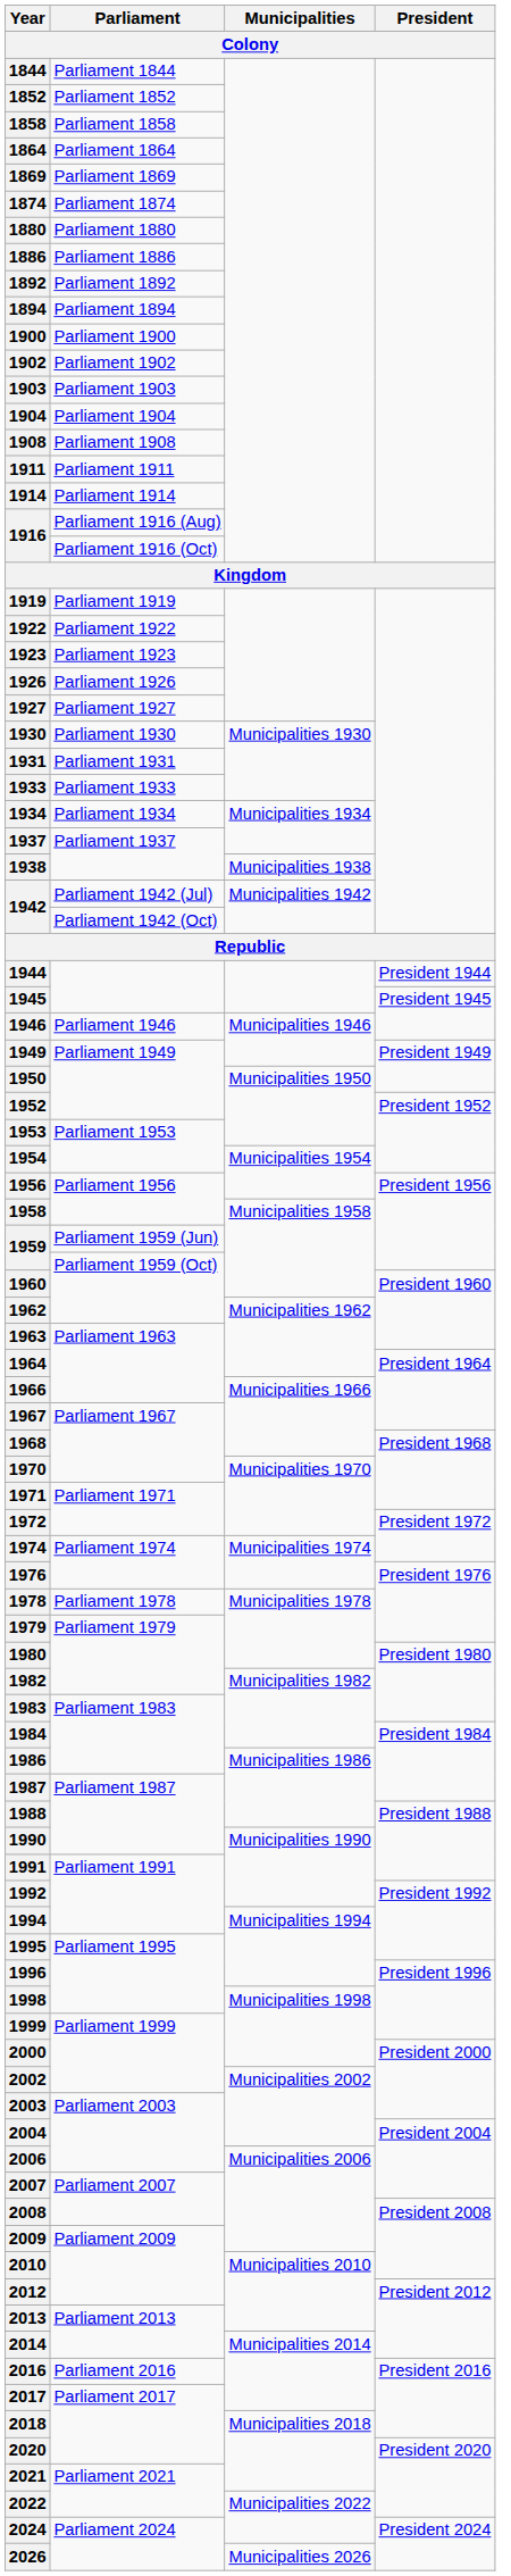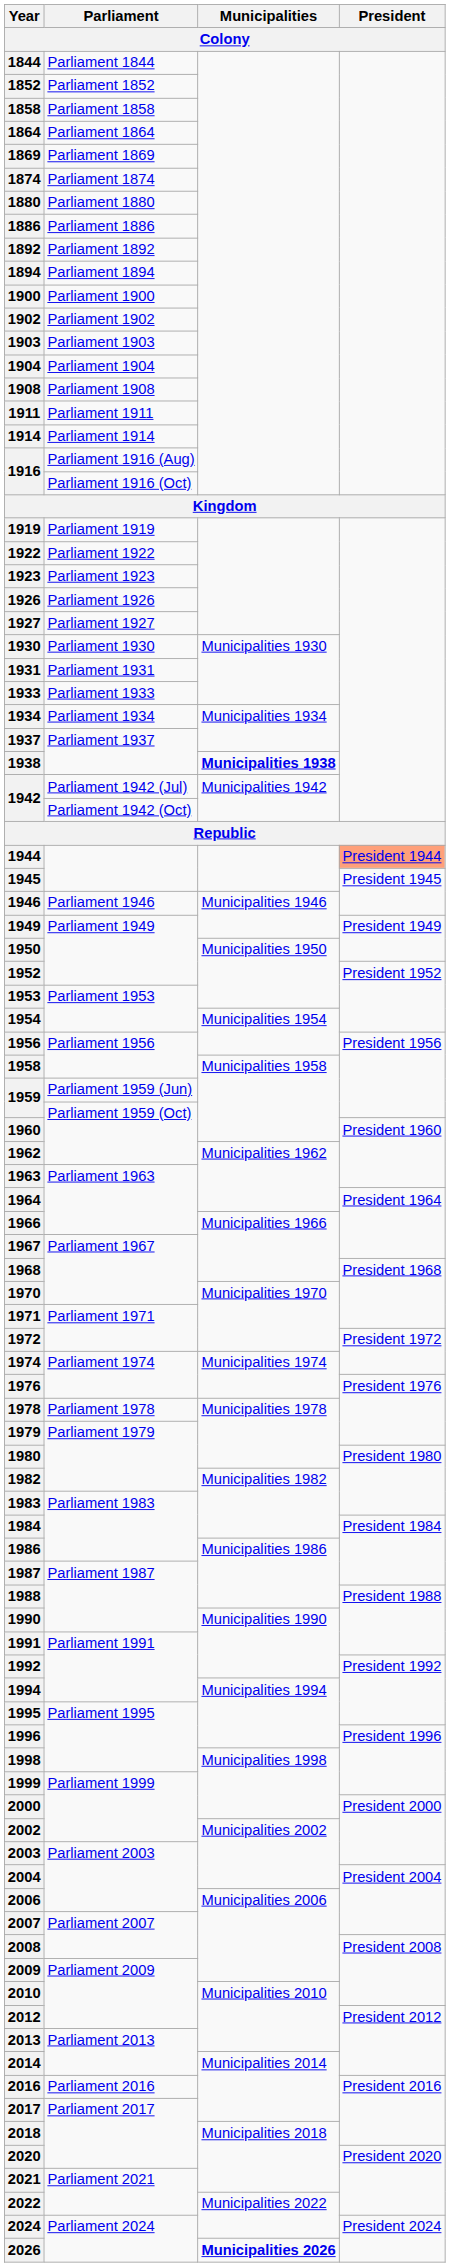 <table class="wikitable">
 <tr>
 <th>Year</th>
 <th>Parliament</th>
 <th>Municipalities</th>
 <th>President</th>
 </tr>
 <tr>
 <th colspan="4"><a href='#'>Colony</a></th>
 </tr>
 <tr>
 <th>1844</th>
 <td><a href='#'>Parliament 1844</a></td>
 <td rowspan="19"></td>
 <td rowspan="19"></td>
 </tr>
 <tr>
 <th>1852</th>
 <td><a href='#'>Parliament 1852</a></td>
 </tr>
 <tr>
 <th>1858</th>
 <td><a href='#'>Parliament 1858</a></td>
 </tr>
 <tr>
 <th>1864</th>
 <td><a href='#'>Parliament 1864</a></td>
 </tr>
 <tr>
 <th>1869</th>
 <td><a href='#'>Parliament 1869</a></td>
 </tr>
 <tr>
 <th>1874</th>
 <td><a href='#'>Parliament 1874</a></td>
 </tr>
 <tr>
 <th>1880</th>
 <td><a href='#'>Parliament 1880</a></td>
 </tr>
 <tr>
 <th>1886</th>
 <td><a href='#'>Parliament 1886</a></td>
 </tr>
 <tr>
 <th>1892</th>
 <td><a href='#'>Parliament 1892</a></td>
 </tr>
 <tr>
 <th>1894</th>
 <td><a href='#'>Parliament 1894</a></td>
 </tr>
 <tr>
 <th>1900</th>
 <td><a href='#'>Parliament 1900</a></td>
 </tr>
 <tr>
 <th>1902</th>
 <td><a href='#'>Parliament 1902</a></td>
 </tr>
 <tr>
 <th>1903</th>
 <td><a href='#'>Parliament 1903</a></td>
 </tr>
 <tr>
 <th>1904</th>
 <td><a href='#'>Parliament 1904</a></td>
 </tr>
 <tr>
 <th>1908</th>
 <td><a href='#'>Parliament 1908</a></td>
 </tr>
 <tr>
 <th>1911</th>
 <td><a href='#'>Parliament 1911</a></td>
 </tr>
 <tr>
 <th>1914</th>
 <td><a href='#'>Parliament 1914</a></td>
 </tr>
 <tr>
 <th rowspan="2">1916</th>
 <td><a href='#'>Parliament 1916 (Aug)</a></td>
 </tr>
 <tr>
 <td><a href='#'>Parliament 1916 (Oct)</a></td>
 </tr>
 <tr>
 <th colspan="4"><a href='#'>Kingdom</a></th>
 </tr>
 <tr>
 <th>1919</th>
 <td><a href='#'>Parliament 1919</a></td>
 <td rowspan="5"></td>
 <td rowspan="13"></td>
 </tr>
 <tr>
 <th>1922</th>
 <td><a href='#'>Parliament 1922</a></td>
 </tr>
 <tr>
 <th>1923</th>
 <td><a href='#'>Parliament 1923</a></td>
 </tr>
 <tr>
 <th>1926</th>
 <td><a href='#'>Parliament 1926</a></td>
 </tr>
 <tr>
 <th>1927</th>
 <td><a href='#'>Parliament 1927</a></td>
 </tr>
 <tr>
 <th>1930</th>
 <td><a href='#'>Parliament 1930</a></td>
 <td rowspan="3" style="vertical-align: text-top;"><a href='#'>Municipalities 1930</a></td>
 </tr>
 <tr>
 <th>1931</th>
 <td><a href='#'>Parliament 1931</a></td>
 </tr>
 <tr>
 <th>1933</th>
 <td><a href='#'>Parliament 1933</a></td>
 </tr>
 <tr>
 <th>1934</th>
 <td><a href='#'>Parliament 1934</a></td>
 <td rowspan="2" style="vertical-align: text-top;"><a href='#'>Municipalities 1934</a></td>
 </tr>
 <tr>
 <th>1937</th>
 <td rowspan="2" style="vertical-align: text-top;"><a href='#'>Parliament 1937</a></td>
 </tr>
 <tr>
 <th>1938</th>
-<td><a href='#'>Municipalities 1938</a></td>
+<td><strong><a href='#'>Municipalities 1938</a></strong></td>
 </tr>
 <tr>
 <th rowspan="2">1942</th>
 <td><a href='#'>Parliament 1942 (Jul)</a></td>
 <td rowspan="2" style="vertical-align: text-top;"><a href='#'>Municipalities 1942</a></td>
 </tr>
 <tr>
 <td><a href='#'>Parliament 1942 (Oct)</a></td>
 </tr>
 <tr>
 <th colspan="4"><a href='#'>Republic</a></th>
 </tr>
 <tr>
 <th>1944</th>
 <td rowspan="2"></td>
 <td rowspan="2"></td>
-<td><a href='#'>President 1944</a></td>
+<td style="background: lightsalmon;"><a href='#'>President 1944</a></td>
 </tr>
 <tr>
 <th>1945</th>
 <td rowspan="2" style="vertical-align: text-top;"><a href='#'>President 1945</a></td>
 </tr>
 <tr>
 <th>1946</th>
 <td><a href='#'>Parliament 1946</a></td>
 <td rowspan="2" style="vertical-align: text-top;"><a href='#'>Municipalities 1946</a></td>
 </tr>
 <tr>
 <th>1949</th>
 <td rowspan="3" style="vertical-align: text-top;"><a href='#'>Parliament 1949</a></td>
 <td rowspan="2" style="vertical-align: text-top;"><a href='#'>President 1949</a></td>
 </tr>
 <tr>
 <th>1950</th>
 <td rowspan="3" style="vertical-align: text-top;"><a href='#'>Municipalities 1950</a></td>
 </tr>
 <tr>
 <th>1952</th>
 <td rowspan="3" style="vertical-align: text-top;"><a href='#'>President 1952</a></td>
 </tr>
 <tr>
 <th>1953</th>
 <td rowspan="2" style="vertical-align: text-top;"><a href='#'>Parliament 1953</a></td>
 </tr>
 <tr>
 <th>1954</th>
 <td rowspan="2" style="vertical-align: text-top;"><a href='#'>Municipalities 1954</a></td>
 </tr>
 <tr>
 <th>1956</th>
 <td rowspan="2" style="vertical-align: text-top;"><a href='#'>Parliament 1956</a></td>
 <td rowspan="4" style="vertical-align: text-top;"><a href='#'>President 1956</a></td>
 </tr>
 <tr>
 <th>1958</th>
 <td rowspan="4" style="vertical-align: text-top;"><a href='#'>Municipalities 1958</a></td>
 </tr>
 <tr>
 <th rowspan="2">1959</th>
 <td><a href='#'>Parliament 1959 (Jun)</a></td>
 </tr>
 <tr>
 <td rowspan="3" style="vertical-align: text-top;"><a href='#'>Parliament 1959 (Oct)</a></td>
 </tr>
 <tr>
 <th>1960</th>
 <td rowspan="3" style="vertical-align: text-top;"><a href='#'>President 1960</a></td>
 </tr>
 <tr>
 <th>1962</th>
 <td rowspan="3" style="vertical-align: text-top;"><a href='#'>Municipalities 1962</a></td>
 </tr>
 <tr>
 <th>1963</th>
 <td rowspan="3" style="vertical-align: text-top;"><a href='#'>Parliament 1963</a></td>
 </tr>
 <tr>
 <th>1964</th>
 <td rowspan="3" style="vertical-align: text-top;"><a href='#'>President 1964</a></td>
 </tr>
 <tr>
 <th>1966</th>
 <td rowspan="3" style="vertical-align: text-top;"><a href='#'>Municipalities 1966</a></td>
 </tr>
 <tr>
 <th>1967</th>
 <td rowspan="3" style="vertical-align: text-top;"><a href='#'>Parliament 1967</a></td>
 </tr>
 <tr>
 <th>1968</th>
 <td rowspan="3" style="vertical-align: text-top;"><a href='#'>President 1968</a></td>
 </tr>
 <tr>
 <th>1970</th>
 <td rowspan="3" style="vertical-align: text-top;"><a href='#'>Municipalities 1970</a></td>
 </tr>
 <tr>
 <th>1971</th>
 <td rowspan="2" style="vertical-align: text-top;"><a href='#'>Parliament 1971</a></td>
 </tr>
 <tr>
 <th>1972</th>
 <td rowspan="2" style="vertical-align: text-top;"><a href='#'>President 1972</a></td>
 </tr>
 <tr>
 <th>1974</th>
 <td rowspan="2" style="vertical-align: text-top;"><a href='#'>Parliament 1974</a></td>
 <td rowspan="2" style="vertical-align: text-top;"><a href='#'>Municipalities 1974</a></td>
 </tr>
 <tr>
 <th>1976</th>
 <td rowspan="3" style="vertical-align: text-top;"><a href='#'>President 1976</a></td>
 </tr>
 <tr>
 <th>1978</th>
 <td><a href='#'>Parliament 1978</a></td>
 <td rowspan="3" style="vertical-align: text-top;"><a href='#'>Municipalities 1978</a></td>
 </tr>
 <tr>
 <th>1979</th>
 <td rowspan="3" style="vertical-align: text-top;"><a href='#'>Parliament 1979</a></td>
 </tr>
 <tr>
 <th>1980</th>
 <td rowspan="3" style="vertical-align: text-top;"><a href='#'>President 1980</a></td>
 </tr>
 <tr>
 <th>1982</th>
 <td rowspan="3" style="vertical-align: text-top;"><a href='#'>Municipalities 1982</a></td>
 </tr>
 <tr>
 <th>1983</th>
 <td rowspan="3" style="vertical-align: text-top;"><a href='#'>Parliament 1983</a></td>
 </tr>
 <tr>
 <th>1984</th>
 <td rowspan="3" style="vertical-align: text-top;"><a href='#'>President 1984</a></td>
 </tr>
 <tr>
 <th>1986</th>
 <td rowspan="3" style="vertical-align: text-top;"><a href='#'>Municipalities 1986</a></td>
 </tr>
 <tr>
 <th>1987</th>
 <td rowspan="3" style="vertical-align: text-top;"><a href='#'>Parliament 1987</a></td>
 </tr>
 <tr>
 <th>1988</th>
 <td rowspan="3" style="vertical-align: text-top;"><a href='#'>President 1988</a></td>
 </tr>
 <tr>
 <th>1990</th>
 <td rowspan="3" style="vertical-align: text-top;"><a href='#'>Municipalities 1990</a></td>
 </tr>
 <tr>
 <th>1991</th>
 <td rowspan="3" style="vertical-align: text-top;"><a href='#'>Parliament 1991</a></td>
 </tr>
 <tr>
 <th>1992</th>
 <td rowspan="3" style="vertical-align: text-top;"><a href='#'>President 1992</a></td>
 </tr>
 <tr>
 <th>1994</th>
 <td rowspan="3" style="vertical-align: text-top;"><a href='#'>Municipalities 1994</a></td>
 </tr>
 <tr>
 <th>1995</th>
 <td rowspan="3" style="vertical-align: text-top;"><a href='#'>Parliament 1995</a></td>
 </tr>
 <tr>
 <th>1996</th>
 <td rowspan="3" style="vertical-align: text-top;"><a href='#'>President 1996</a></td>
 </tr>
 <tr>
 <th>1998</th>
 <td rowspan="3" style="vertical-align: text-top;"><a href='#'>Municipalities 1998</a></td>
 </tr>
 <tr>
 <th>1999</th>
 <td rowspan="3" style="vertical-align: text-top;"><a href='#'>Parliament 1999</a></td>
 </tr>
 <tr>
 <th>2000</th>
 <td rowspan="3" style="vertical-align: text-top;"><a href='#'>President 2000</a></td>
 </tr>
 <tr>
 <th>2002</th>
 <td rowspan="3" style="vertical-align: text-top;"><a href='#'>Municipalities 2002</a></td>
 </tr>
 <tr>
 <th>2003</th>
 <td rowspan="3" style="vertical-align: text-top;"><a href='#'>Parliament 2003</a></td>
 </tr>
 <tr>
 <th>2004</th>
 <td rowspan="3" style="vertical-align: text-top;"><a href='#'>President 2004</a></td>
 </tr>
 <tr>
 <th>2006</th>
 <td rowspan="4" style="vertical-align: text-top;"><a href='#'>Municipalities 2006</a></td>
 </tr>
 <tr>
 <th>2007</th>
 <td rowspan="2" style="vertical-align: text-top;"><a href='#'>Parliament 2007</a></td>
 </tr>
 <tr>
 <th>2008</th>
 <td rowspan="3" style="vertical-align: text-top;"><a href='#'>President 2008</a></td>
 </tr>
 <tr>
 <th>2009</th>
 <td rowspan="3" style="vertical-align: text-top;"><a href='#'>Parliament 2009</a></td>
 </tr>
 <tr>
 <th>2010</th>
 <td rowspan="3" style="vertical-align: text-top;"><a href='#'>Municipalities 2010</a></td>
 </tr>
 <tr>
 <th>2012</th>
 <td rowspan="3" style="vertical-align: text-top;"><a href='#'>President 2012</a></td>
 </tr>
 <tr>
 <th>2013</th>
 <td rowspan="2" style="vertical-align: text-top;"><a href='#'>Parliament 2013</a></td>
 </tr>
 <tr>
 <th>2014</th>
 <td rowspan="3" style="vertical-align: text-top;"><a href='#'>Municipalities 2014</a></td>
 </tr>
 <tr>
 <th>2016</th>
 <td><a href='#'>Parliament 2016</a></td>
 <td rowspan="3" style="vertical-align: text-top;"><a href='#'>President 2016</a></td>
 </tr>
 <tr>
 <th>2017</th>
 <td rowspan="3" style="vertical-align: text-top;"><a href='#'>Parliament 2017</a></td>
 </tr>
 <tr>
 <th>2018</th>
 <td rowspan="3" style="vertical-align: text-top;"><a href='#'>Municipalities 2018</a></td>
 </tr>
 <tr>
 <th>2020</th>
 <td rowspan="3" style="vertical-align: text-top;"><a href='#'>President 2020</a></td>
 </tr>
 <tr>
 <th>2021</th>
 <td rowspan="2" style="vertical-align: text-top;"><a href='#'>Parliament 2021</a></td>
 </tr>
 <tr>
 <th>2022</th>
 <td rowspan="2" style="vertical-align: text-top;"><a href='#'>Municipalities 2022</a></td>
 </tr>
 <tr>
 <th>2024</th>
 <td rowspan="2" style="vertical-align: text-top;"><a href='#'>Parliament 2024</a></td>
 <td rowspan="2" style="vertical-align: text-top;"><a href='#'>President 2024</a></td>
 </tr>
 <tr>
 <th>2026</th>
-<td><a href='#'>Municipalities 2026</a></td>
+<td><strong><a href='#'>Municipalities 2026</a></strong></td>
 </tr>
 </table>
